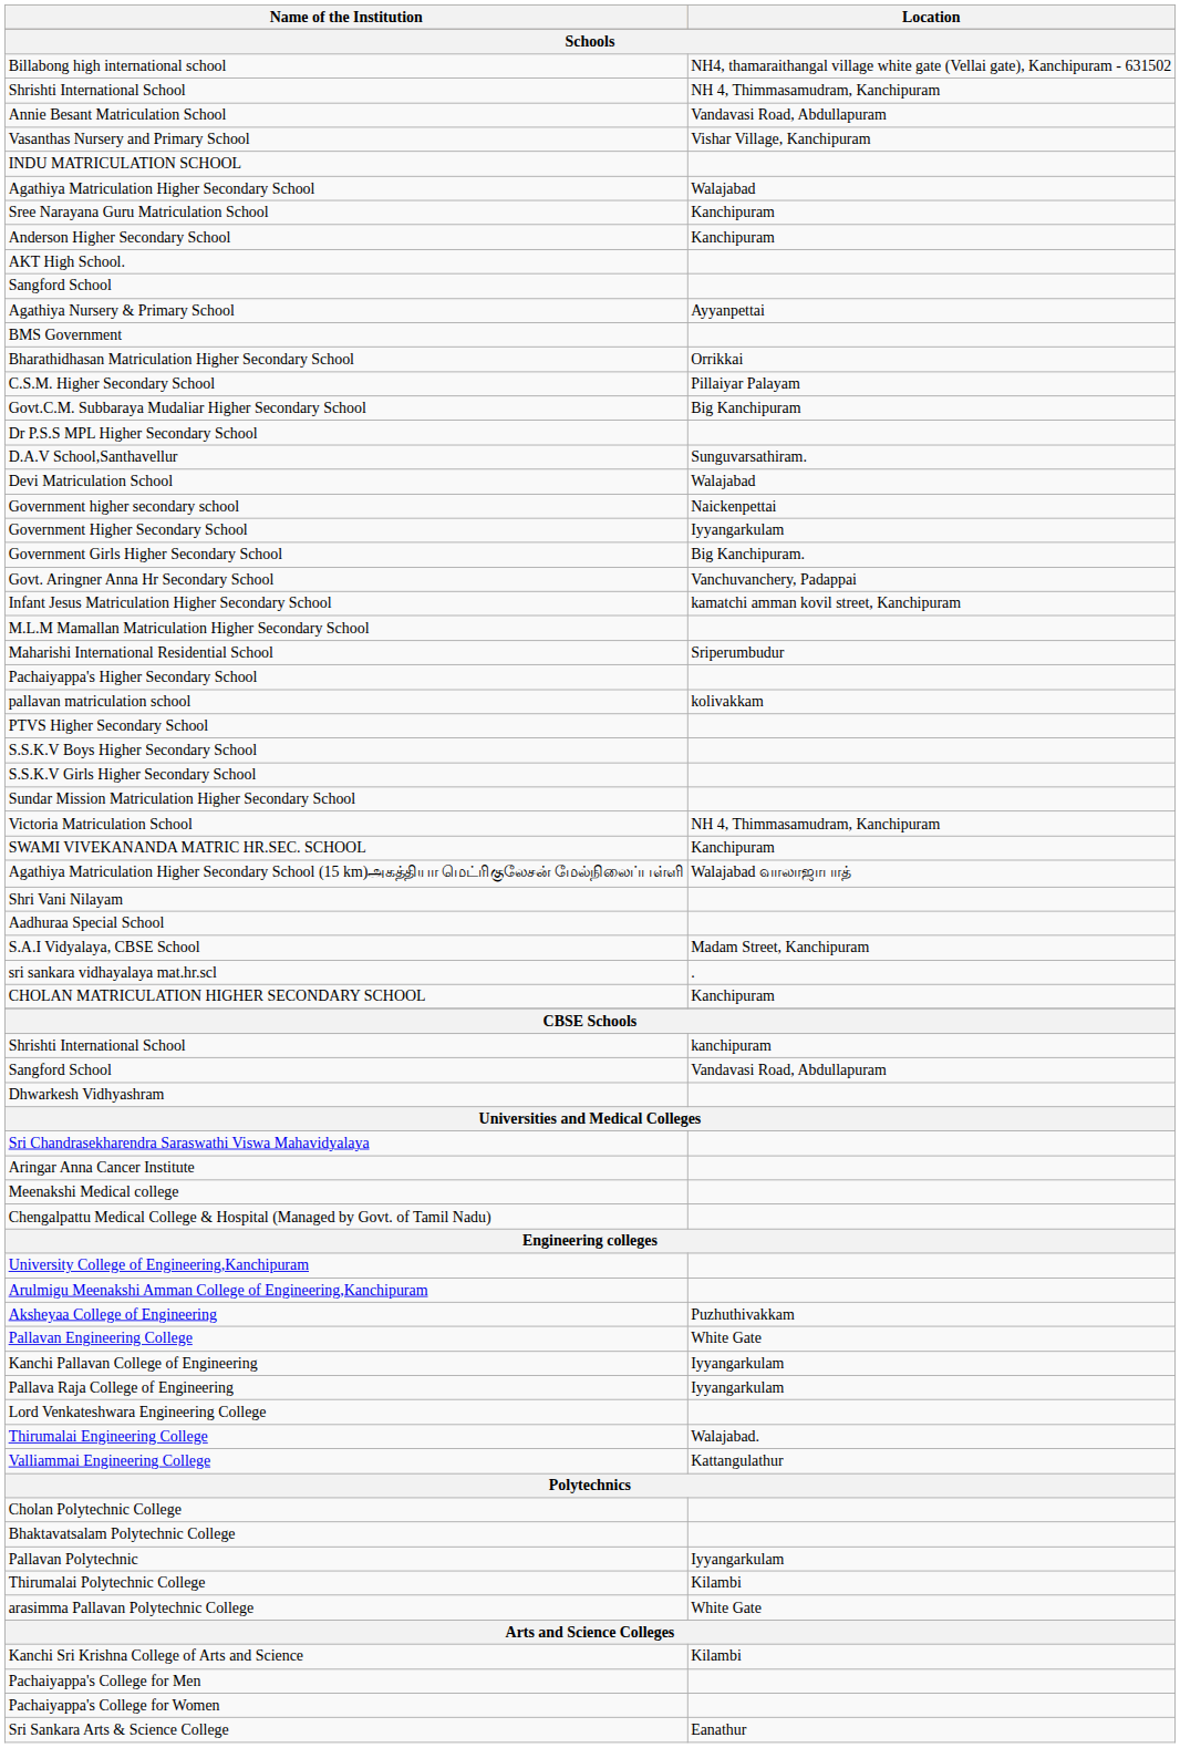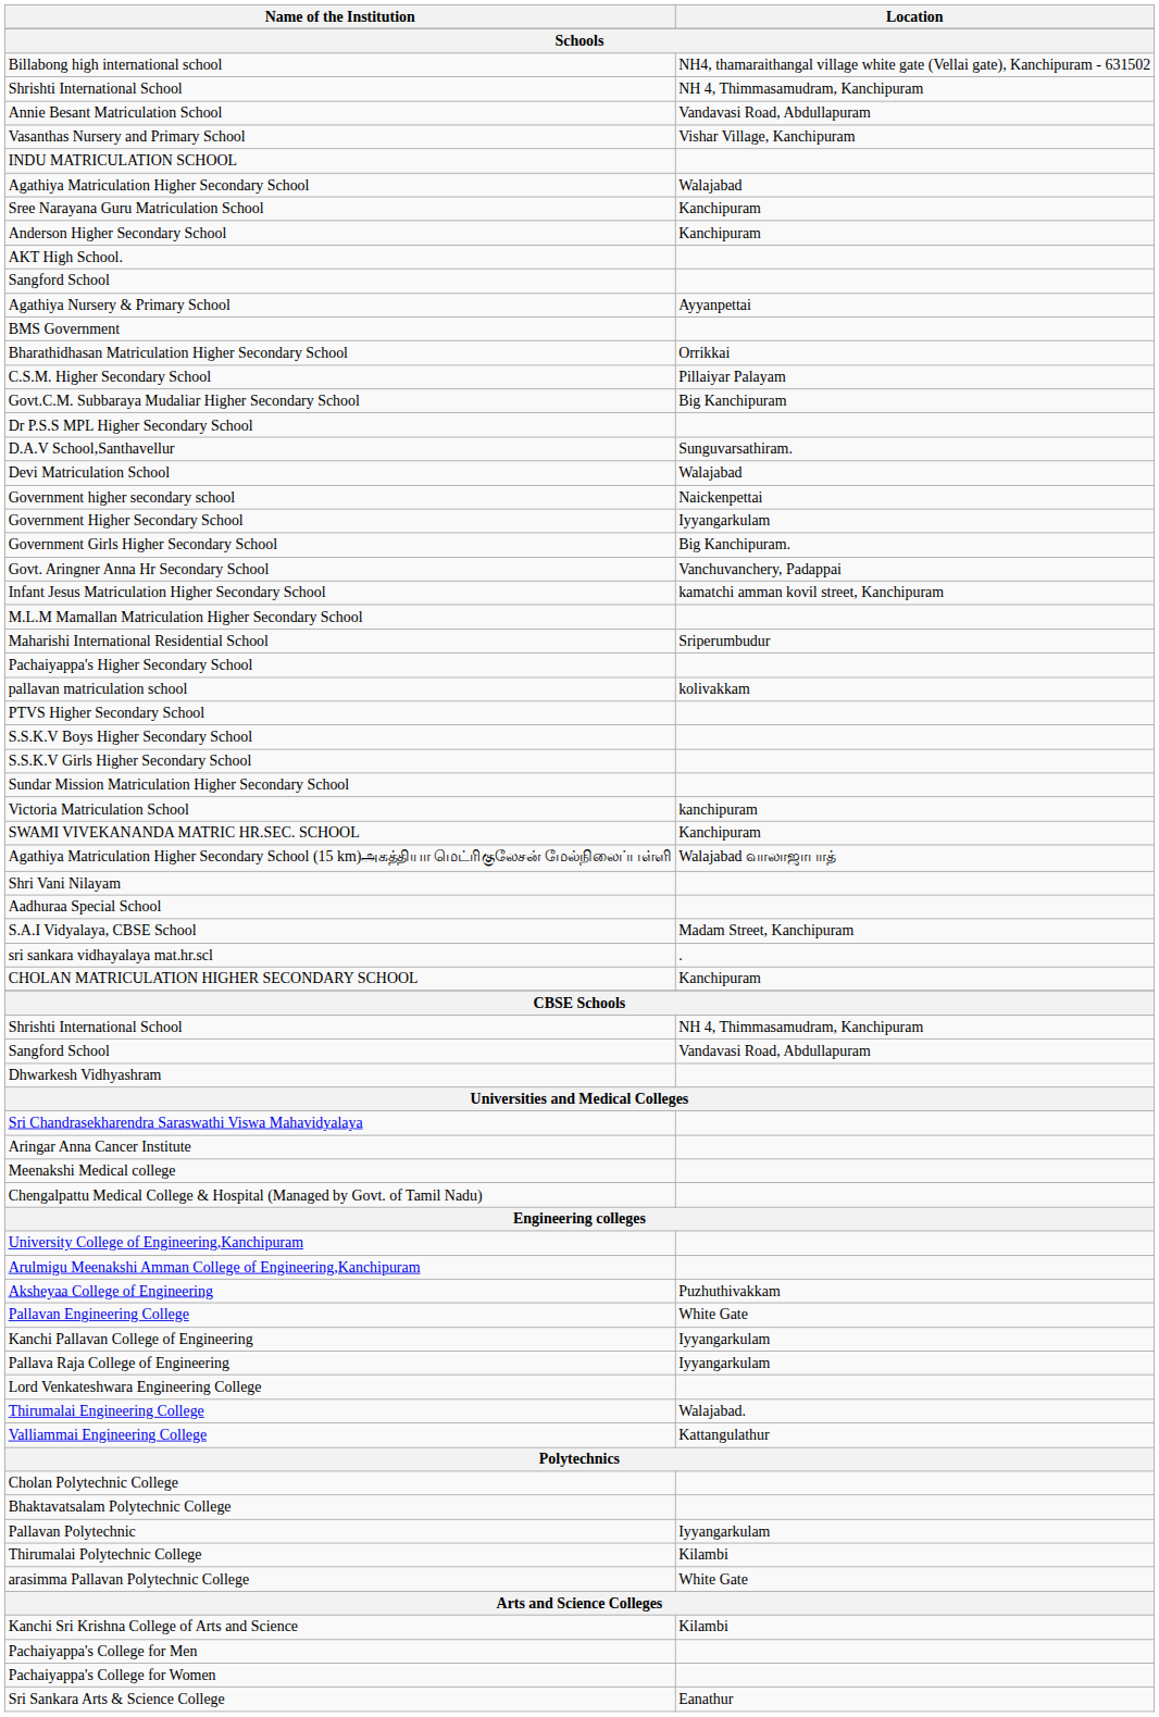 <table class="wikitable sortable">
 <tr style="background:#FFC569">
 <th scope="col"><strong>Name of the Institution</strong></th>
 <th scope="col"><strong>Location</strong></th>
 </tr>
 <tr align="center">
 </tr>
 <tr style="background:#ffe;">
 </tr>
 <tr>
 <th colspan="2" scope="col"><strong>Schools</strong></th>
 </tr>
 <tr>
 <td>Billabong high international school</td>
 <td>NH4, thamaraithangal village white gate (Vellai gate), Kanchipuram - 631502</td>
 </tr>
 <tr>
 <td>Shrishti International School</td>
 <td>NH 4, Thimmasamudram, Kanchipuram</td>
 </tr>
 <tr>
 <td>Annie Besant Matriculation School</td>
 <td>Vandavasi Road, Abdullapuram</td>
 </tr>
 <tr>
 <td>Vasanthas Nursery and Primary School</td>
 <td>Vishar Village, Kanchipuram</td>
 </tr>
 <tr>
 <td>INDU MATRICULATION SCHOOL</td>
 </tr>
 <tr>
 <td>Agathiya Matriculation Higher Secondary School</td>
 <td>Walajabad</td>
 </tr>
 <tr>
 <td>Sree Narayana Guru Matriculation School</td>
 <td>Kanchipuram</td>
 </tr>
 <tr>
 <td>Anderson Higher Secondary School</td>
 <td>Kanchipuram</td>
 </tr>
 <tr>
 <td>AKT  High School.</td>
 <td></td>
 </tr>
 <tr>
 <td>Sangford School</td>
 <td></td>
 </tr>
 <tr>
 <td>Agathiya Nursery & Primary School</td>
 <td>Ayyanpettai</td>
 </tr>
 <tr>
 <td>BMS Government</td>
 <td></td>
 </tr>
 <tr>
 <td>Bharathidhasan Matriculation Higher Secondary School</td>
 <td>Orrikkai</td>
 </tr>
 <tr>
 <td>C.S.M. Higher Secondary School</td>
 <td>Pillaiyar Palayam</td>
 </tr>
 <tr>
 <td>Govt.C.M. Subbaraya Mudaliar Higher Secondary School</td>
 <td>Big Kanchipuram</td>
 </tr>
 <tr>
 <td>Dr P.S.S MPL Higher Secondary School</td>
 <td></td>
 </tr>
 <tr>
 <td>D.A.V School,Santhavellur</td>
 <td>Sunguvarsathiram.</td>
 </tr>
 <tr>
 <td>Devi Matriculation School</td>
 <td>Walajabad</td>
 </tr>
 <tr>
 <td>Government higher secondary school</td>
 <td>Naickenpettai</td>
 </tr>
 <tr>
 <td>Government Higher Secondary School</td>
 <td>Iyyangarkulam</td>
 </tr>
 <tr>
 <td>Government Girls Higher Secondary School</td>
 <td>Big Kanchipuram.</td>
 </tr>
 <tr>
 <td>Govt. Aringner Anna Hr Secondary School</td>
 <td>Vanchuvanchery, Padappai</td>
 </tr>
 <tr>
 <td>Infant Jesus Matriculation Higher Secondary School</td>
 <td>kamatchi amman kovil street, Kanchipuram</td>
 </tr>
 <tr>
 <td>M.L.M Mamallan Matriculation Higher Secondary School</td>
 <td></td>
 </tr>
 <tr>
 <td>Maharishi International Residential School</td>
 <td>Sriperumbudur</td>
 </tr>
 <tr>
 <td>Pachaiyappa's Higher Secondary School</td>
 <td></td>
 </tr>
 <tr>
 <td>pallavan matriculation school</td>
 <td>kolivakkam</td>
 </tr>
 <tr>
 <td>PTVS Higher Secondary School</td>
 <td></td>
 </tr>
 <tr>
 <td>S.S.K.V Boys Higher Secondary School</td>
 <td></td>
 </tr>
 <tr>
 <td>S.S.K.V Girls Higher Secondary School</td>
 <td></td>
 </tr>
 <tr>
 <td>Sundar Mission Matriculation Higher Secondary School</td>
 <td></td>
 </tr>
 <tr>
 <td>Victoria Matriculation School</td>
-<td>NH 4, Thimmasamudram, Kanchipuram</td>
+<td>kanchipuram</td>
 </tr>
 <tr>
 <td>SWAMI VIVEKANANDA MATRIC HR.SEC. SCHOOL</td>
 <td>Kanchipuram</td>
 </tr>
 <tr>
 <td>Agathiya Matriculation Higher Secondary School (15 km)அகத்தியா மெட்ரிகுலேசன் மேல்நிலைப்பள்ளி</td>
 <td>Walajabad  வாலாஜாபாத்</td>
 </tr>
 <tr>
 <td>Shri Vani Nilayam</td>
 <td></td>
 </tr>
 <tr>
 <td>Aadhuraa Special School</td>
 <td></td>
 </tr>
 <tr>
 <td>S.A.I Vidyalaya, CBSE School</td>
 <td>Madam Street, Kanchipuram</td>
 </tr>
 <tr>
 <td>sri sankara vidhayalaya mat.hr.scl</td>
 <td>.</td>
 </tr>
 <tr>
 <td>CHOLAN MATRICULATION HIGHER SECONDARY SCHOOL</td>
 <td>Kanchipuram</td>
 </tr>
 <tr>
 </tr>
 <tr>
 <th colspan="2" scope="col"><strong>CBSE Schools</strong></th>
 </tr>
 <tr>
 <td>Shrishti International School</td>
-<td>kanchipuram</td>
+<td>NH 4, Thimmasamudram, Kanchipuram</td>
 </tr>
 <tr>
 <td>Sangford School</td>
 <td>Vandavasi Road, Abdullapuram</td>
 </tr>
 <tr>
 <td>Dhwarkesh Vidhyashram</td>
 <td></td>
 </tr>
 <tr>
 <th colspan="2" scope="col"><strong>Universities and Medical Colleges</strong></th>
 </tr>
 <tr>
 <td><a href='#'>Sri Chandrasekharendra Saraswathi Viswa Mahavidyalaya</a></td>
 <td></td>
 </tr>
 <tr>
 <td>Aringar Anna Cancer Institute</td>
 <td></td>
 </tr>
 <tr>
 <td>Meenakshi Medical college</td>
 <td></td>
 </tr>
 <tr>
 <td>Chengalpattu Medical College & Hospital (Managed by Govt. of Tamil Nadu)</td>
 <td></td>
 </tr>
 <tr>
 <th colspan="2" scope="col"><strong>Engineering colleges</strong></th>
 </tr>
 <tr>
 <td><a href='#'>University College of Engineering,Kanchipuram</a></td>
 <td></td>
 </tr>
 <tr>
 <td><a href='#'>Arulmigu Meenakshi Amman College of Engineering,Kanchipuram</a></td>
 <td></td>
 </tr>
 <tr>
 <td><a href='#'>Aksheyaa College of Engineering</a></td>
 <td>Puzhuthivakkam</td>
 </tr>
 <tr>
 <td><a href='#'>Pallavan Engineering College</a></td>
 <td>White Gate</td>
 </tr>
 <tr>
 <td>Kanchi Pallavan College of Engineering</td>
 <td>Iyyangarkulam</td>
 </tr>
 <tr>
 <td>Pallava Raja College of Engineering</td>
 <td>Iyyangarkulam</td>
 </tr>
 <tr>
 <td>Lord Venkateshwara Engineering College</td>
 <td></td>
 </tr>
 <tr>
 <td><a href='#'>Thirumalai Engineering College</a></td>
 <td>Walajabad.</td>
 </tr>
 <tr>
 <td><a href='#'>Valliammai Engineering College</a></td>
 <td>Kattangulathur</td>
 </tr>
 <tr>
 <th colspan="2" scope="col"><strong>Polytechnics</strong></th>
 </tr>
 <tr>
 <td>Cholan Polytechnic College</td>
 <td></td>
 </tr>
 <tr>
 <td>Bhaktavatsalam Polytechnic College</td>
 <td></td>
 </tr>
 <tr>
 <td>Pallavan Polytechnic</td>
 <td>Iyyangarkulam</td>
 </tr>
 <tr>
 <td>Thirumalai Polytechnic College</td>
 <td>Kilambi</td>
 </tr>
 <tr>
 <td>arasimma Pallavan Polytechnic College</td>
 <td>White Gate</td>
 </tr>
 <tr>
 <th colspan="2" scope="col"><strong>Arts and Science Colleges</strong></th>
 </tr>
 <tr>
 <td>Kanchi Sri Krishna College of Arts and Science</td>
 <td>Kilambi</td>
 </tr>
 <tr>
 <td>Pachaiyappa's College for Men</td>
 <td></td>
 </tr>
 <tr>
 <td>Pachaiyappa's College for Women</td>
 <td></td>
 </tr>
 <tr>
 <td>Sri Sankara Arts & Science College</td>
 <td>Eanathur<br></td>
 </tr>
 </table>
